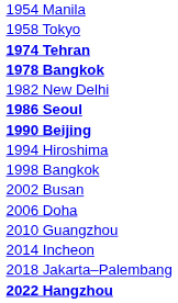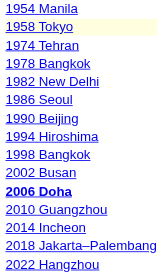 <table>
 <tr>
 <td><a href='#'>1954 Manila</a></td>
 <td></td>
 <td></td>
 <td></td>
 </tr>
 <tr>
-<td><a href='#'>1958 Tokyo</a></td>
+<td style="background: lightyellow;"><a href='#'>1958 Tokyo</a></td>
 <td></td>
 <td></td>
 <td></td>
 </tr>
 <tr>
-<td><strong><a href='#'>1974 Tehran</a></strong></td>
+<td><a href='#'>1974 Tehran</a></td>
 <td></td>
 <td></td>
 <td></td>
 </tr>
 <tr>
-<td><strong><a href='#'>1978 Bangkok</a></strong></td>
+<td><a href='#'>1978 Bangkok</a></td>
 <td></td>
 <td></td>
 <td></td>
 </tr>
 <tr>
 <td><a href='#'>1982 New Delhi</a></td>
 <td></td>
 <td></td>
 <td></td>
 </tr>
 <tr>
-<td><strong><a href='#'>1986 Seoul</a></strong></td>
+<td><a href='#'>1986 Seoul</a></td>
 <td></td>
 <td></td>
 <td></td>
 </tr>
 <tr>
-<td><strong><a href='#'>1990 Beijing</a></strong></td>
+<td><a href='#'>1990 Beijing</a></td>
 <td></td>
 <td></td>
 <td></td>
 </tr>
 <tr>
 <td><a href='#'>1994 Hiroshima</a></td>
 <td></td>
 <td></td>
 <td></td>
 </tr>
 <tr>
 <td><a href='#'>1998 Bangkok</a></td>
 <td></td>
 <td></td>
 <td></td>
 </tr>
 <tr>
 <td><a href='#'>2002 Busan</a></td>
 <td></td>
 <td></td>
 <td></td>
 </tr>
 <tr>
-<td><a href='#'>2006 Doha</a></td>
+<td><strong><a href='#'>2006 Doha</a></strong></td>
 <td></td>
 <td></td>
 <td></td>
 </tr>
 <tr>
 <td><a href='#'>2010 Guangzhou</a></td>
 <td></td>
 <td></td>
 <td></td>
 </tr>
 <tr>
 <td><a href='#'>2014 Incheon</a></td>
 <td></td>
 <td></td>
 <td></td>
 </tr>
 <tr>
 <td><a href='#'>2018 Jakarta–Palembang</a></td>
 <td></td>
 <td></td>
 <td></td>
 </tr>
 <tr>
-<td><strong><a href='#'>2022 Hangzhou</a></strong></td>
+<td><a href='#'>2022 Hangzhou</a></td>
 <td></td>
 <td></td>
 <td></td>
 </tr>
 </table>
